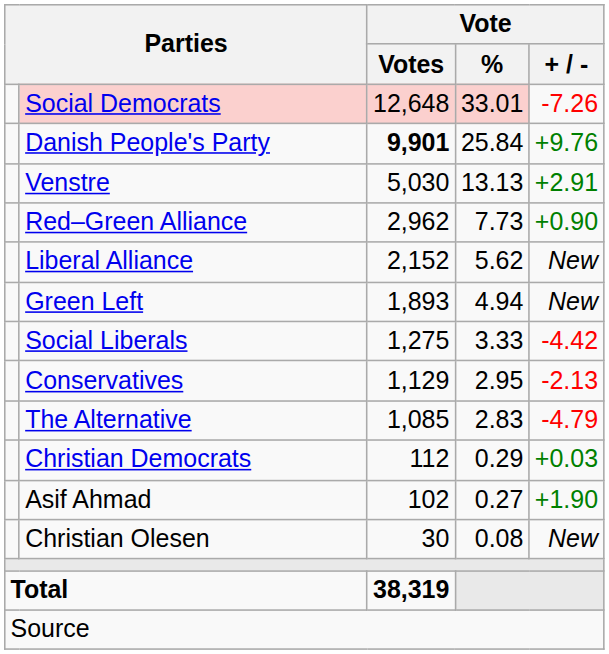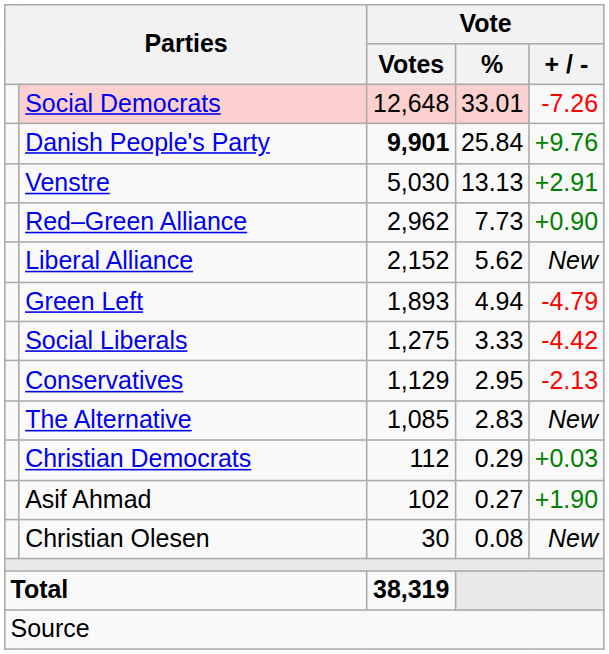 <table class="wikitable" style="text-align:right;">
 <tr>
 <th style="text-align:centre;" rowspan="2" colspan="2" width="225">Parties</th>
 <th colspan="3">Vote</th>
 </tr>
 <tr>
 <th width="15">Votes</th>
 <th width="15">%</th>
 <th width="15">+ / -</th>
 </tr>
 <tr>
 <td width="2" style="color:inherit;background:"></td>
 <td bgcolor=#fbd0ce  align="left"><a href='#'>Social Democrats</a></td>
 <td bgcolor=#fbd0ce>12,648</td>
 <td bgcolor=#fbd0ce>33.01</td>
 <td style=color:red;>-7.26</td>
 </tr>
 <tr>
 <td width="2" style="color:inherit;background:"></td>
 <td align="left"><a href='#'>Danish People's Party</a></td>
 <td><strong>9,901</strong></td>
 <td>25.84</td>
 <td style=color:green;>+9.76</td>
 </tr>
 <tr>
 <td width="2" style="color:inherit;background:"></td>
 <td align="left"><a href='#'>Venstre</a></td>
 <td>5,030</td>
 <td>13.13</td>
 <td style=color:green;>+2.91</td>
 </tr>
 <tr>
 <td width="2" style="color:inherit;background:"></td>
 <td align="left"><a href='#'>Red–Green Alliance</a></td>
 <td>2,962</td>
 <td>7.73</td>
 <td style=color:green;>+0.90</td>
 </tr>
 <tr>
 <td width="2" style="color:inherit;background:"></td>
 <td align="left"><a href='#'>Liberal Alliance</a></td>
 <td>2,152</td>
 <td>5.62</td>
 <td><em>New</em></td>
 </tr>
 <tr>
 <td width="2" style="color:inherit;background:"></td>
 <td align="left"><a href='#'>Green Left</a></td>
 <td>1,893</td>
 <td>4.94</td>
-<td><em>New</em></td>
+<td style=color:red;>-4.79</td>
 </tr>
 <tr>
 <td width="2" style="color:inherit;background:"></td>
 <td align="left"><a href='#'>Social Liberals</a></td>
 <td>1,275</td>
 <td>3.33</td>
 <td style=color:red;>-4.42</td>
 </tr>
 <tr>
 <td width="2" style="color:inherit;background:"></td>
 <td align="left"><a href='#'>Conservatives</a></td>
 <td>1,129</td>
 <td>2.95</td>
 <td style=color:red;>-2.13</td>
 </tr>
 <tr>
 <td width="2" style="color:inherit;background:"></td>
 <td align="left"><a href='#'>The Alternative</a></td>
 <td>1,085</td>
 <td>2.83</td>
-<td style=color:red;>-4.79</td>
+<td><em>New</em></td>
 </tr>
 <tr>
 <td width="2" style="color:inherit;background:"></td>
 <td align="left"><a href='#'>Christian Democrats</a></td>
 <td>112</td>
 <td>0.29</td>
 <td style=color:green;>+0.03</td>
 </tr>
 <tr>
 <td width="2" style="color:inherit;background:"></td>
 <td align="left">Asif Ahmad</td>
 <td>102</td>
 <td>0.27</td>
 <td style=color:green;>+1.90</td>
 </tr>
 <tr>
 <td width="2" style="color:inherit;background:"></td>
 <td align="left">Christian Olesen</td>
 <td>30</td>
 <td>0.08</td>
 <td><em>New</em></td>
 </tr>
 <tr>
 <td colspan="7" bgcolor="#E9E9E9"></td>
 </tr>
 <tr>
 <td align="left" colspan="2"><strong>Total</strong></td>
 <td><strong>38,319</strong></td>
 <td bgcolor="#E9E9E9" colspan="2"></td>
 </tr>
 <tr>
 <td align="left" colspan="6">Source</td>
 </tr>
 </table>
